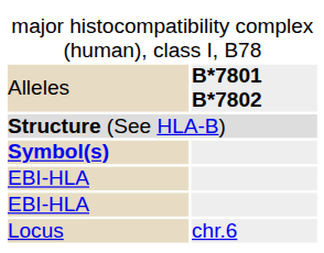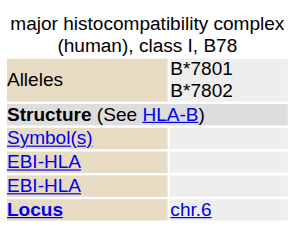 <table id="drugInfoBox" style="float: right; clear: right; margin: 0 0 0.5em 1em; background: #ffffff;" class="toccolours" border=0 cellpadding=0 align=right width="240px">
 <tr>
 <td align="center" colspan="3"></td>
 </tr>
 <tr style="text-align: center; line-height: 1.00;background:#eeeeee">
 <td colspan="3" color="white"></td>
 </tr>
 <tr>
 <td align="center" colspan="2"></td>
 </tr>
 <tr>
 <td align="center" colspan="2"><div>major histocompatibility complex (human), class I, B78</div></td>
 </tr>
 <tr>
 <td bgcolor="#e7dcc3">Alleles</td>
-<td bgcolor="#eeeeee"><strong>B*7801 <br> B*7802 <br></strong></td>
+<td bgcolor="#eeeeee">B*7801 <br> B*7802 <br></td>
 </tr>
 <tr>
 <td colspan="2" bgcolor="#dddddd"><strong>Structure</strong> (See <a href='#'>HLA-B</a>)</td>
 </tr>
 <tr>
-<td bgcolor="#e7dcc3"><strong><a href='#'>Symbol(s)</a></strong></td>
+<td bgcolor="#e7dcc3"><a href='#'>Symbol(s)</a></td>
 <td bgcolor="#eeeeee"></td>
 </tr>
 <tr>
 <td bgcolor="#e7dcc3"><a href='#'>EBI-HLA</a></td>
 <td bgcolor="#eeeeee"></td>
 </tr>
 <tr>
 <td bgcolor="#e7dcc3"><a href='#'>EBI-HLA</a></td>
 <td bgcolor="#eeeeee"></td>
 </tr>
 <tr>
-<td bgcolor="#e7dcc3"><a href='#'>Locus</a></td>
+<td bgcolor="#e7dcc3"><strong><a href='#'>Locus</a></strong></td>
 <td bgcolor="#eeeeee"><a href='#'>chr.6</a> <em></em></td>
 </tr>
 <tr>
 </tr>
 </table>
